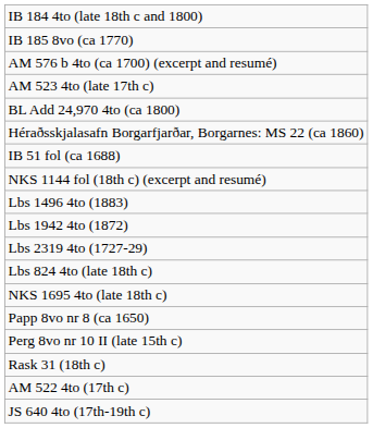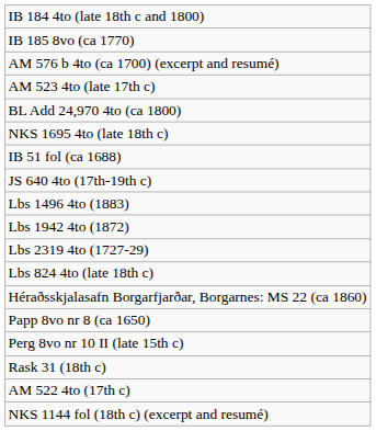 <table class="wikitable">
 <tr>
 <td>IB 184 4to (late 18th c and 1800)</td>
 </tr>
 <tr>
 <td>IB 185 8vo (ca 1770)</td>
 </tr>
 <tr>
 <td>AM 576 b 4to (ca 1700) (excerpt and resumé)</td>
 </tr>
 <tr>
 <td>AM 523 4to (late 17th c)</td>
 </tr>
 <tr>
 <td>BL Add 24,970 4to (ca 1800)</td>
 </tr>
 <tr>
-<td>Héraðsskjalasafn Borgarfjarðar, Borgarnes: MS 22 (ca 1860)</td>
+<td>NKS 1695 4to (late 18th c)</td>
 </tr>
 <tr>
 <td>IB 51 fol (ca 1688)</td>
 </tr>
 <tr>
-<td>NKS 1144 fol (18th c) (excerpt and resumé)</td>
+<td>JS 640 4to (17th-19th c)</td>
 </tr>
 <tr>
 <td>Lbs 1496 4to (1883)</td>
 </tr>
 <tr>
 <td>Lbs 1942 4to (1872)</td>
 </tr>
 <tr>
 <td>Lbs 2319 4to (1727-29)</td>
 </tr>
 <tr>
 <td>Lbs 824 4to (late 18th c)</td>
 </tr>
 <tr>
-<td>NKS 1695 4to (late 18th c)</td>
+<td>Héraðsskjalasafn Borgarfjarðar, Borgarnes: MS 22 (ca 1860)</td>
 </tr>
 <tr>
 <td>Papp 8vo nr 8 (ca 1650)</td>
 </tr>
 <tr>
 <td>Perg 8vo nr 10 II (late 15th c)</td>
 </tr>
 <tr>
 <td>Rask 31 (18th c)</td>
 </tr>
 <tr>
 <td>AM 522 4to (17th c)</td>
 </tr>
 <tr>
-<td>JS 640 4to (17th-19th c)</td>
+<td>NKS 1144 fol (18th c) (excerpt and resumé)</td>
 </tr>
 </table>
